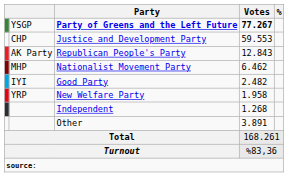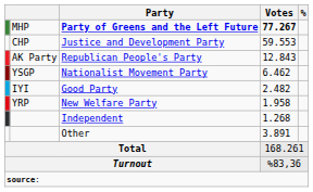 <table class="wikitable">
 <tr>
 <th colspan="2" align="center"></th>
 <th align="center">Party</th>
 <th align="center">Votes</th>
 <th align="center">%</th>
 </tr>
 <tr align="left">
 <td bgcolor="#388537" width="1"></td>
-<td>YSGP</td>
+<td>MHP</td>
 <td><strong><a href='#'>Party of Greens and the Left Future</a></strong></td>
 <td><strong>77.267</strong></td>
 <td><strong></strong></td>
 </tr>
 <tr align="left">
 <td></td>
 <td>CHP</td>
 <td><a href='#'>Justice and Development Party</a></td>
 <td>59.553</td>
 <td></td>
 </tr>
 <tr align="left">
 <td bgcolor="#ED1C24" width="1"></td>
 <td>AK Party</td>
 <td><a href='#'>Republican People's Party</a></td>
 <td>12.843</td>
 <td></td>
 </tr>
 <tr align="left">
 <td bgcolor="#870000" width="1"></td>
-<td>MHP</td>
+<td>YSGP</td>
 <td><a href='#'>Nationalist Movement Party</a></td>
 <td>6.462</td>
 <td></td>
 </tr>
 <tr align="left">
 <td bgcolor="#01A7E1" width="1"></td>
 <td>IYI</td>
 <td><a href='#'>Good Party</a></td>
 <td>2.482</td>
 <td></td>
 </tr>
 <tr align="left">
 <td bgcolor="#E20613" width="1"></td>
 <td>YRP</td>
 <td><a href='#'>New Welfare Party</a></td>
 <td>1.958</td>
 <td></td>
 </tr>
 <tr align="left">
 <td bgcolor="#2c2f31" width="1"></td>
 <td></td>
 <td><a href='#'>Independent</a></td>
 <td>1.268</td>
 <td></td>
 </tr>
 <tr align="left">
 <td bgcolor="" width="1"></td>
 <td></td>
 <td>Other</td>
 <td>3.891</td>
 <td></td>
 </tr>
 <tr align="left" style="background-color:#E9E9E9">
 <th colspan="3" align="center"><strong>Total</strong></th>
 <td colspan="5" align="center">168.261</td>
 </tr>
 <tr align="left" style="background-color:#E9E9E9">
 <th colspan="3" align="center"><em>Turnout</em></th>
 <td colspan="5" align="center">%83,36</td>
 </tr>
 <tr>
 <td colspan="9" align="left"><small><strong>source</strong>: </small></td>
 </tr>
 </table>
